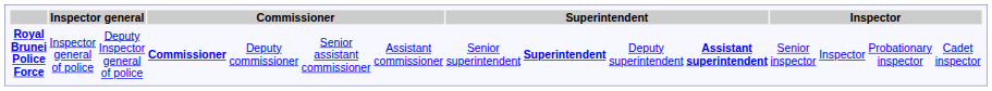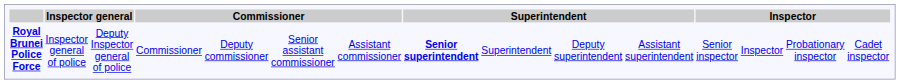 <table style="border:1px solid #8888aa; background:#f7f8ff; padding:5px; font-size:95%; margin:0 12px 12px 0;">
 <tr style="background:#ccc;">
 <th></th>
 <th colspan=2>Inspector general</th>
 <th colspan=4>Commissioner</th>
 <th colspan=4>Superintendent</th>
 <th colspan=4>Inspector</th>
 </tr>
 <tr style="text-align:center">
 <th Rowspan=2> <a href='#'>Royal Brunei Police Force</a></th>
 <td></td>
 <td></td>
 <td></td>
 <td></td>
 <td></td>
 <td></td>
 <td></td>
 <td></td>
 <td></td>
 <td></td>
 <td></td>
 <td></td>
 <td></td>
 <td></td>
 </tr>
 <tr style="text-align:center">
 <td><a href='#'>Inspector general of police</a></td>
 <td><a href='#'>Deputy Inspector general of police</a></td>
-<td><strong><a href='#'>Commissioner</a></strong></td>
+<td><a href='#'>Commissioner</a></td>
 <td><a href='#'>Deputy commissioner</a></td>
 <td><a href='#'>Senior assistant commissioner</a></td>
 <td><a href='#'>Assistant commissioner</a></td>
-<td><a href='#'>Senior superintendent</a></td>
-<td><strong><a href='#'>Superintendent</a></strong></td>
+<td><strong><a href='#'>Senior superintendent</a></strong></td>
+<td><a href='#'>Superintendent</a></td>
 <td><a href='#'>Deputy superintendent</a></td>
-<td><strong><a href='#'>Assistant superintendent</a></strong></td>
+<td><a href='#'>Assistant superintendent</a></td>
 <td><a href='#'>Senior inspector</a></td>
 <td><a href='#'>Inspector</a></td>
 <td><a href='#'>Probationary inspector</a></td>
 <td><a href='#'>Cadet inspector</a></td>
 </tr>
 </table>
